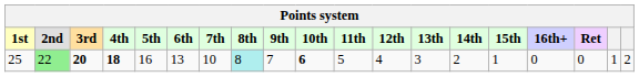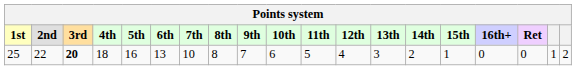 <table class="wikitable" style="font-size:90%;">
 <tr>
 <th colspan="19">Points system</th>
 </tr>
 <tr>
 <td style="background:#ffffbf;"> <strong>1st</strong> </td>
 <td style="background:#dfdfdf;"> <strong>2nd</strong> </td>
 <td style="background:#ffdf9f;"> <strong>3rd</strong> </td>
 <td style="background:#dfffdf;"> <strong>4th</strong> </td>
 <td style="background:#dfffdf;"> <strong>5th</strong> </td>
 <td style="background:#dfffdf;"> <strong>6th</strong> </td>
 <td style="background:#dfffdf;"> <strong>7th</strong> </td>
 <td style="background:#dfffdf;"> <strong>8th</strong> </td>
 <td style="background:#dfffdf;"> <strong>9th</strong> </td>
 <td style="background:#dfffdf;"> <strong>10th</strong> </td>
 <td style="background:#dfffdf;"> <strong>11th</strong> </td>
 <td style="background:#dfffdf;"> <strong>12th</strong> </td>
 <td style="background:#dfffdf;"> <strong>13th</strong> </td>
 <td style="background:#dfffdf;"> <strong>14th</strong> </td>
 <td style="background:#dfffdf;"> <strong>15th</strong> </td>
 <td style="background:#CFCFFF;"> <strong>16th+</strong> </td>
 <td style="background:#efcfff;"> <strong>Ret</strong> </td>
 <th></th>
 <th></th>
 </tr>
 <tr>
 <td>25</td>
-<td style="background: lightgreen;">22</td>
+<td>22</td>
 <td><strong>20</strong></td>
-<td><strong>18</strong></td>
+<td>18</td>
 <td>16</td>
 <td>13</td>
 <td>10</td>
-<td style="background: paleturquoise;">8</td>
+<td>8</td>
 <td>7</td>
-<td><strong>6</strong></td>
+<td>6</td>
 <td>5</td>
 <td>4</td>
 <td>3</td>
 <td>2</td>
 <td>1</td>
 <td>0</td>
 <td>0</td>
 <td>1</td>
 <td>2</td>
 </tr>
 </table>
